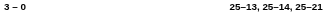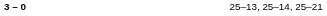 <table width=100% cellspacing=1>
 <tr>
 <th width=20%></th>
 <th width=12%></th>
 <th width=20%></th>
 <th width=33%></th>
 <td></td>
 </tr>
 <tr style=font-size:95%>
 <td align=right><strong></strong></td>
 <td align=center><strong>3 – 0</strong></td>
 <td></td>
-<td><strong>25–13, 25–14, 25–21</strong></td>
+<td>25–13, 25–14, 25–21</td>
 </tr>
 </table>
